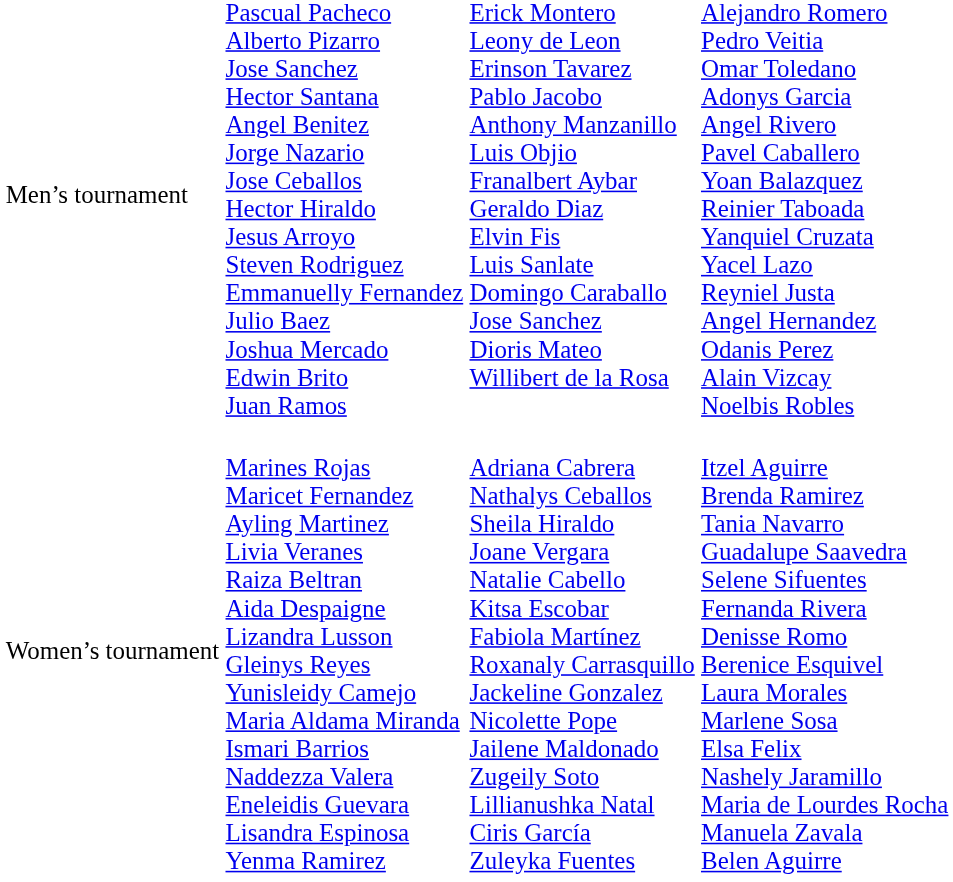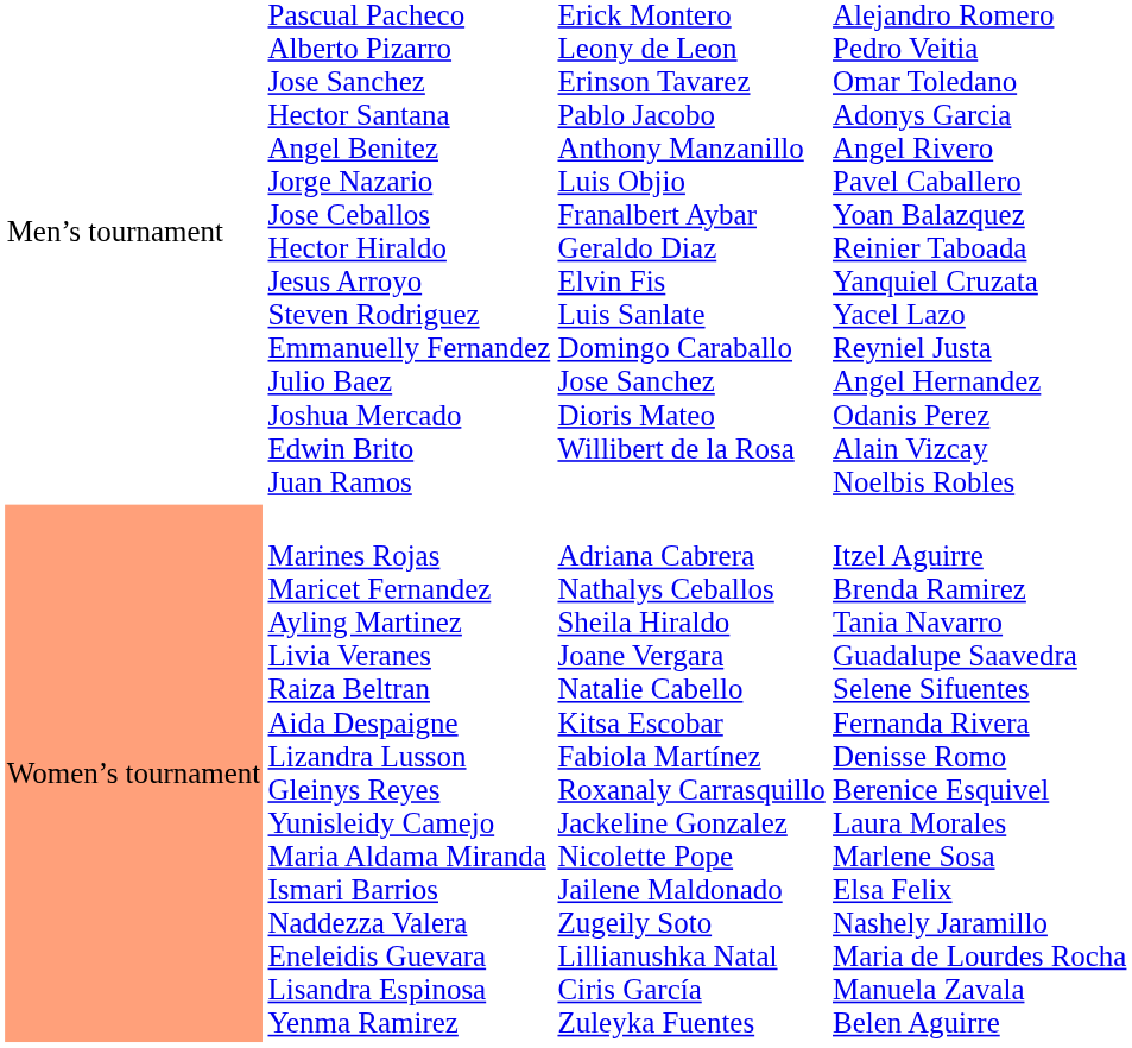 <table>
 <tr>
 <td>Men’s tournament</td>
 <td><br><a href='#'>Pascual Pacheco</a><br><a href='#'>Alberto Pizarro</a><br><a href='#'>Jose Sanchez</a><br><a href='#'>Hector Santana</a><br><a href='#'>Angel Benitez</a><br><a href='#'>Jorge Nazario</a><br><a href='#'>Jose Ceballos</a><br><a href='#'>Hector Hiraldo</a><br><a href='#'>Jesus Arroyo</a><br><a href='#'>Steven Rodriguez</a><br><a href='#'>Emmanuelly Fernandez</a><br><a href='#'>Julio Baez</a><br><a href='#'>Joshua Mercado</a><br><a href='#'>Edwin Brito</a><br><a href='#'>Juan Ramos</a></td>
 <td valign=top><br><a href='#'>Erick Montero</a><br><a href='#'>Leony de Leon</a><br><a href='#'>Erinson Tavarez</a><br><a href='#'>Pablo Jacobo</a><br><a href='#'>Anthony Manzanillo</a><br><a href='#'>Luis Objio</a><br><a href='#'>Franalbert Aybar</a><br><a href='#'>Geraldo Diaz</a><br><a href='#'>Elvin Fis</a><br><a href='#'>Luis Sanlate</a><br><a href='#'>Domingo Caraballo</a><br><a href='#'>Jose Sanchez</a><br><a href='#'>Dioris Mateo</a><br><a href='#'>Willibert de la Rosa</a></td>
 <td><br><a href='#'>Alejandro Romero</a><br><a href='#'>Pedro Veitia</a><br><a href='#'>Omar Toledano</a><br><a href='#'>Adonys Garcia</a><br><a href='#'>Angel Rivero</a><br><a href='#'>Pavel Caballero</a><br><a href='#'>Yoan Balazquez</a><br><a href='#'>Reinier Taboada</a><br><a href='#'>Yanquiel Cruzata</a><br><a href='#'>Yacel Lazo</a><br><a href='#'>Reyniel Justa</a><br><a href='#'>Angel Hernandez</a><br><a href='#'>Odanis Perez</a><br><a href='#'>Alain Vizcay</a><br><a href='#'>Noelbis Robles</a></td>
 </tr>
 <tr>
-<td>Women’s tournament</td>
+<td style="background: lightsalmon;">Women’s tournament</td>
 <td><br><a href='#'>Marines Rojas</a><br><a href='#'>Maricet Fernandez</a><br><a href='#'>Ayling Martinez</a><br><a href='#'>Livia Veranes</a><br><a href='#'>Raiza Beltran</a><br><a href='#'>Aida Despaigne</a><br><a href='#'>Lizandra Lusson</a><br><a href='#'>Gleinys Reyes</a><br><a href='#'>Yunisleidy Camejo</a><br><a href='#'>Maria Aldama Miranda</a><br><a href='#'>Ismari Barrios</a><br><a href='#'>Naddezza Valera</a><br><a href='#'>Eneleidis Guevara</a><br><a href='#'>Lisandra Espinosa</a><br><a href='#'>Yenma Ramirez</a></td>
 <td><br><a href='#'>Adriana Cabrera</a><br><a href='#'>Nathalys Ceballos</a><br><a href='#'>Sheila Hiraldo</a><br><a href='#'>Joane Vergara</a><br><a href='#'>Natalie Cabello</a><br><a href='#'>Kitsa Escobar</a><br><a href='#'>Fabiola Martínez</a><br><a href='#'>Roxanaly Carrasquillo</a><br><a href='#'>Jackeline Gonzalez</a><br><a href='#'>Nicolette Pope</a><br><a href='#'>Jailene Maldonado</a><br><a href='#'>Zugeily Soto</a><br><a href='#'>Lillianushka Natal</a><br><a href='#'>Ciris García</a><br><a href='#'>Zuleyka Fuentes</a></td>
 <td><br><a href='#'>Itzel Aguirre</a><br><a href='#'>Brenda Ramirez</a><br><a href='#'>Tania Navarro</a><br><a href='#'>Guadalupe Saavedra</a><br><a href='#'>Selene Sifuentes</a><br><a href='#'>Fernanda Rivera</a><br><a href='#'>Denisse Romo</a><br><a href='#'>Berenice Esquivel</a><br><a href='#'>Laura Morales</a><br><a href='#'>Marlene Sosa</a><br><a href='#'>Elsa Felix</a><br><a href='#'>Nashely Jaramillo</a><br><a href='#'>Maria de Lourdes Rocha</a><br><a href='#'>Manuela Zavala</a><br><a href='#'>Belen Aguirre</a></td>
 </tr>
 <tr>
 </tr>
 </table>
